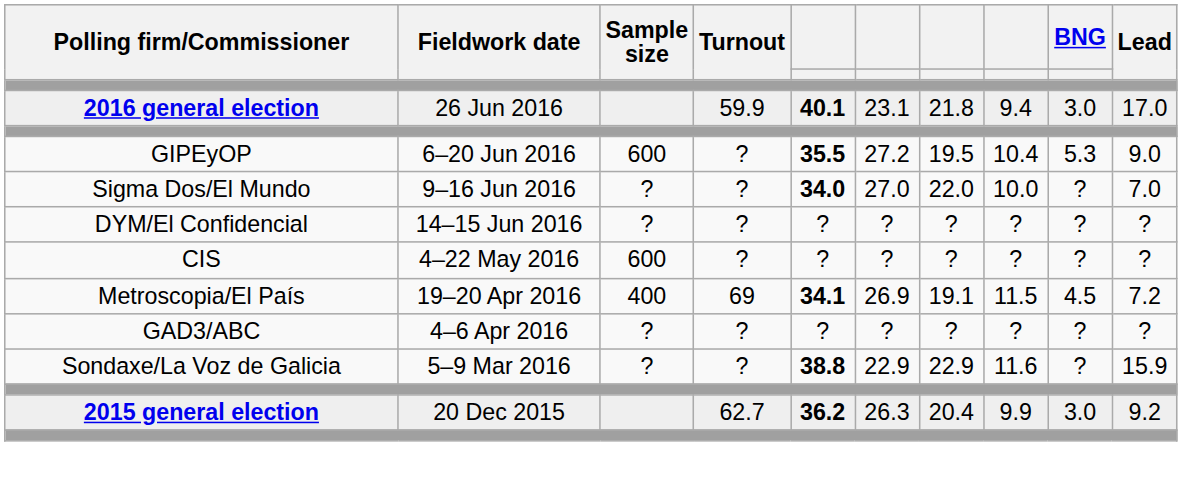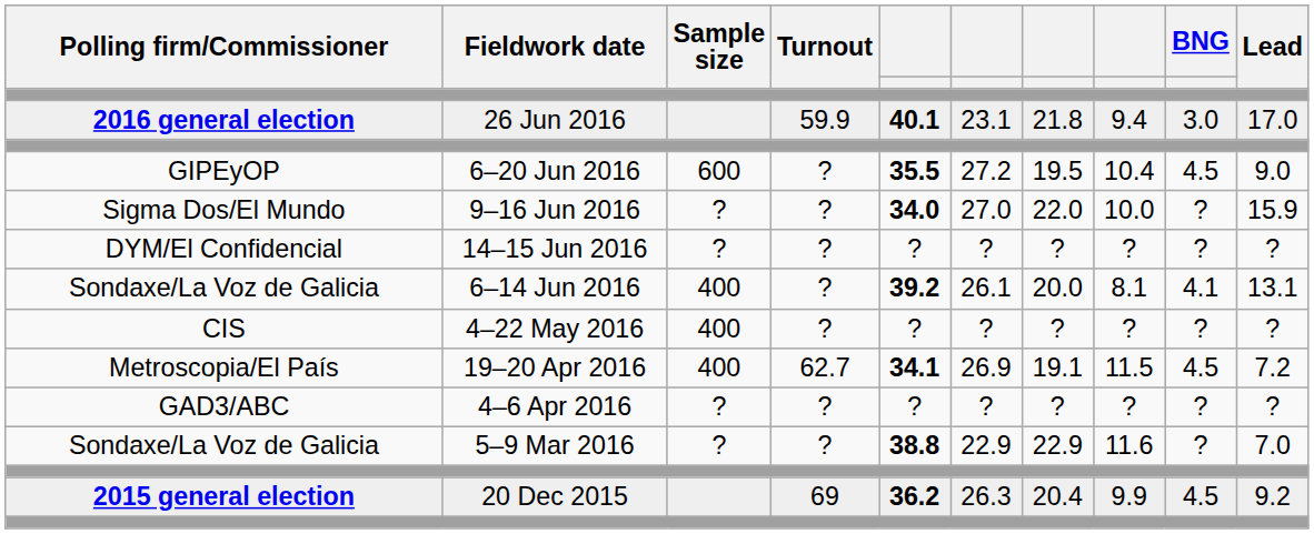 <table class="wikitable collapsible collapsed" style="text-align:center; font-size:95%; line-height:16px;">
 <tr style="height:42px; background-color:#E9E9E9">
 <th style="width:250px;" rowspan="2">Polling firm/Commissioner</th>
 <th style="width:125px;" rowspan="2">Fieldwork date</th>
 <th style="width:50px;" rowspan="2">Sample size</th>
 <th style="width:45px;" rowspan="2">Turnout</th>
 <th style="width:35px;"></th>
 <th style="width:35px;"></th>
 <th style="width:35px;"></th>
 <th style="width:35px;"></th>
 <th style="width:35px;"><a href='#'>BNG</a></th>
 <th style="width:30px;" rowspan="2">Lead</th>
 </tr>
 <tr>
 <th style="color:inherit;background:"></th>
 <th style="color:inherit;background:"></th>
 <th style="color:inherit;background:"></th>
 <th style="color:inherit;background:"></th>
 <th style="color:inherit;background:"></th>
 </tr>
 <tr>
 <td colspan="10" style="background:#A0A0A0"></td>
 </tr>
 <tr style="background:#EFEFEF;">
 <td><strong><a href='#'>2016 general election</a></strong></td>
 <td>26 Jun 2016</td>
 <td></td>
 <td>59.9</td>
 <td><strong>40.1</strong><br></td>
 <td>23.1<br></td>
 <td>21.8<br></td>
 <td>9.4<br></td>
 <td>3.0<br></td>
 <td style="background:">17.0</td>
 </tr>
 <tr>
 <td colspan="10" style="background:#A0A0A0"></td>
 </tr>
 <tr>
 <td>GIPEyOP</td>
 <td>6–20 Jun 2016</td>
 <td>600</td>
 <td>?</td>
 <td><strong>35.5</strong><br></td>
 <td>27.2<br></td>
 <td>19.5<br></td>
 <td>10.4<br></td>
-<td>5.3<br></td>
+<td>4.5<br></td>
 <td style="background:">9.0</td>
 </tr>
 <tr>
 <td>Sigma Dos/El Mundo</td>
 <td>9–16 Jun 2016</td>
 <td>?</td>
 <td>?</td>
 <td><strong>34.0</strong><br></td>
 <td>27.0<br></td>
 <td>22.0<br></td>
 <td>10.0<br></td>
 <td>?<br></td>
-<td style="background:">7.0</td>
+<td style="background:">15.9</td>
 </tr>
 <tr>
 <td>DYM/El Confidencial</td>
 <td>14–15 Jun 2016</td>
 <td>?</td>
 <td>?</td>
 <td>?<br></td>
 <td>?<br></td>
 <td>?<br></td>
 <td>?<br></td>
 <td>?<br></td>
 <td style="background:">?</td>
 </tr>
 <tr>
+<td>Sondaxe/La Voz de Galicia</td>
+<td>6–14 Jun 2016</td>
+<td>400</td>
+<td>?</td>
+<td><strong>39.2</strong><br></td>
+<td>26.1<br></td>
+<td>20.0<br></td>
+<td>8.1<br></td>
+<td>4.1<br></td>
+<td style="background:">13.1</td>
+</tr>
+<tr>
 <td>CIS</td>
 <td>4–22 May 2016</td>
-<td>600</td>
+<td>400</td>
 <td>?</td>
 <td>?<br></td>
 <td>?<br></td>
 <td>?<br></td>
 <td>?<br></td>
 <td>?<br></td>
 <td style="background:">?</td>
 </tr>
 <tr>
 <td>Metroscopia/El País</td>
 <td>19–20 Apr 2016</td>
 <td>400</td>
-<td>69</td>
+<td>62.7</td>
 <td><strong>34.1</strong><br></td>
 <td>26.9<br></td>
 <td>19.1<br></td>
 <td>11.5<br></td>
 <td>4.5<br></td>
 <td style="background:">7.2</td>
 </tr>
 <tr>
 <td>GAD3/ABC</td>
 <td>4–6 Apr 2016</td>
 <td>?</td>
 <td>?</td>
 <td>?<br></td>
 <td>?<br></td>
 <td>?<br></td>
 <td>?<br></td>
 <td>?<br></td>
 <td style="background:">?</td>
 </tr>
 <tr>
 <td>Sondaxe/La Voz de Galicia</td>
 <td>5–9 Mar 2016</td>
 <td>?</td>
 <td>?</td>
 <td><strong>38.8</strong><br></td>
 <td>22.9<br></td>
 <td>22.9<br></td>
 <td>11.6<br></td>
 <td>?<br></td>
-<td style="background:">15.9</td>
+<td style="background:">7.0</td>
 </tr>
 <tr>
 <td colspan="10" style="background:#A0A0A0"></td>
 </tr>
 <tr style="background:#EFEFEF;">
 <td><strong><a href='#'>2015 general election</a></strong></td>
 <td>20 Dec 2015</td>
 <td></td>
-<td>62.7</td>
+<td>69</td>
 <td><strong>36.2</strong><br></td>
 <td>26.3<br></td>
 <td>20.4<br></td>
 <td>9.9<br></td>
-<td>3.0<br></td>
+<td>4.5<br></td>
 <td style="background:">9.2</td>
 </tr>
 <tr>
 <td colspan="10" style="background:#A0A0A0"></td>
 </tr>
 </table>
